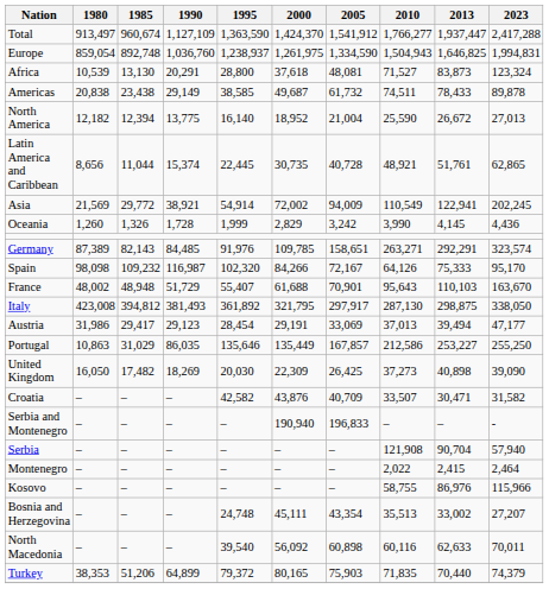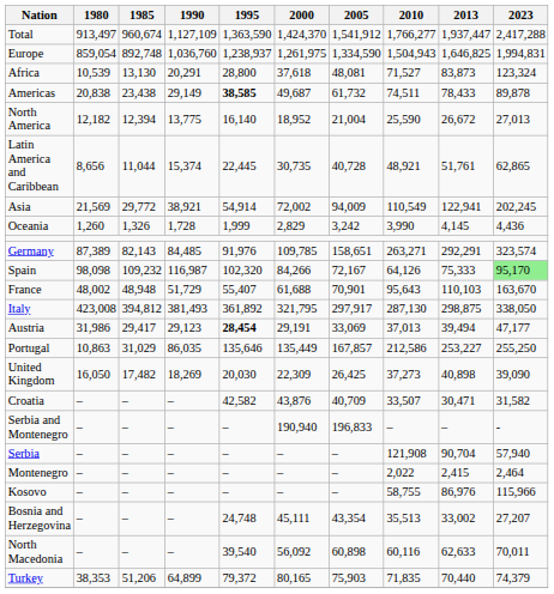 <table class="wikitable sortable">
 <tr>
 <th>Nation</th>
 <th>1980</th>
 <th>1985</th>
 <th>1990</th>
 <th>1995</th>
 <th>2000</th>
 <th>2005</th>
 <th>2010</th>
 <th>2013</th>
 <th>2023</th>
 </tr>
 <tr>
 <td>Total</td>
 <td>913,497</td>
 <td>960,674</td>
 <td>1,127,109</td>
 <td>1,363,590</td>
 <td>1,424,370</td>
 <td>1,541,912</td>
 <td>1,766,277</td>
 <td>1,937,447</td>
 <td>2,417,288</td>
 </tr>
 <tr>
 <td>Europe</td>
 <td>859,054</td>
 <td>892,748</td>
 <td>1,036,760</td>
 <td>1,238,937</td>
 <td>1,261,975</td>
 <td>1,334,590</td>
 <td>1,504,943</td>
 <td>1,646,825</td>
 <td>1,994,831</td>
 </tr>
 <tr>
 <td>Africa</td>
 <td>10,539</td>
 <td>13,130</td>
 <td>20,291</td>
 <td>28,800</td>
 <td>37,618</td>
 <td>48,081</td>
 <td>71,527</td>
 <td>83,873</td>
 <td>123,324</td>
 </tr>
 <tr>
 <td>Americas</td>
 <td>20,838</td>
 <td>23,438</td>
 <td>29,149</td>
-<td>38,585</td>
+<td><strong>38,585</strong></td>
 <td>49,687</td>
 <td>61,732</td>
 <td>74,511</td>
 <td>78,433</td>
 <td>89,878</td>
 </tr>
 <tr>
 <td>North America</td>
 <td>12,182</td>
 <td>12,394</td>
 <td>13,775</td>
 <td>16,140</td>
 <td>18,952</td>
 <td>21,004</td>
 <td>25,590</td>
 <td>26,672</td>
 <td>27,013</td>
 </tr>
 <tr>
 <td>Latin America and Caribbean</td>
 <td>8,656</td>
 <td>11,044</td>
 <td>15,374</td>
 <td>22,445</td>
 <td>30,735</td>
 <td>40,728</td>
 <td>48,921</td>
 <td>51,761</td>
 <td>62,865</td>
 </tr>
 <tr>
 <td>Asia</td>
 <td>21,569</td>
 <td>29,772</td>
 <td>38,921</td>
 <td>54,914</td>
 <td>72,002</td>
 <td>94,009</td>
 <td>110,549</td>
 <td>122,941</td>
 <td>202,245</td>
 </tr>
 <tr>
 <td>Oceania</td>
 <td>1,260</td>
 <td>1,326</td>
 <td>1,728</td>
 <td>1,999</td>
 <td>2,829</td>
 <td>3,242</td>
 <td>3,990</td>
 <td>4,145</td>
 <td>4,436</td>
 </tr>
 <tr>
 <td></td>
 </tr>
 <tr>
 <td><a href='#'>Germany</a></td>
 <td>87,389</td>
 <td>82,143</td>
 <td>84,485</td>
 <td>91,976</td>
 <td>109,785</td>
 <td>158,651</td>
 <td>263,271</td>
 <td>292,291</td>
 <td>323,574</td>
 </tr>
 <tr>
 <td>Spain</td>
 <td>98,098</td>
 <td>109,232</td>
 <td>116,987</td>
 <td>102,320</td>
 <td>84,266</td>
 <td>72,167</td>
 <td>64,126</td>
 <td>75,333</td>
-<td>95,170</td>
+<td style="background: lightgreen;">95,170</td>
 </tr>
 <tr>
 <td>France</td>
 <td>48,002</td>
 <td>48,948</td>
 <td>51,729</td>
 <td>55,407</td>
 <td>61,688</td>
 <td>70,901</td>
 <td>95,643</td>
 <td>110,103</td>
 <td>163,670</td>
 </tr>
 <tr>
 <td><a href='#'>Italy</a></td>
 <td>423,008</td>
 <td>394,812</td>
 <td>381,493</td>
 <td>361,892</td>
 <td>321,795</td>
 <td>297,917</td>
 <td>287,130</td>
 <td>298,875</td>
 <td>338,050</td>
 </tr>
 <tr>
 <td>Austria</td>
 <td>31,986</td>
 <td>29,417</td>
 <td>29,123</td>
-<td>28,454</td>
+<td><strong>28,454</strong></td>
 <td>29,191</td>
 <td>33,069</td>
 <td>37,013</td>
 <td>39,494</td>
 <td>47,177</td>
 </tr>
 <tr>
 <td>Portugal</td>
 <td>10,863</td>
 <td>31,029</td>
 <td>86,035</td>
 <td>135,646</td>
 <td>135,449</td>
 <td>167,857</td>
 <td>212,586</td>
 <td>253,227</td>
 <td>255,250</td>
 </tr>
 <tr>
 <td>United Kingdom</td>
 <td>16,050</td>
 <td>17,482</td>
 <td>18,269</td>
 <td>20,030</td>
 <td>22,309</td>
 <td>26,425</td>
 <td>37,273</td>
 <td>40,898</td>
 <td>39,090</td>
 </tr>
 <tr>
 <td>Croatia</td>
 <td>–</td>
 <td>–</td>
 <td>–</td>
 <td>42,582</td>
 <td>43,876</td>
 <td>40,709</td>
 <td>33,507</td>
 <td>30,471</td>
 <td>31,582</td>
 </tr>
 <tr>
 <td>Serbia and Montenegro</td>
 <td>–</td>
 <td>–</td>
 <td>–</td>
 <td>–</td>
 <td>190,940</td>
 <td>196,833</td>
 <td>–</td>
 <td>–</td>
 <td>-</td>
 </tr>
 <tr>
 <td><a href='#'>Serbia</a></td>
 <td>–</td>
 <td>–</td>
 <td>–</td>
 <td>–</td>
 <td>–</td>
 <td>–</td>
 <td>121,908</td>
 <td>90,704</td>
 <td>57,940</td>
 </tr>
 <tr>
 <td>Montenegro</td>
 <td>–</td>
 <td>–</td>
 <td>–</td>
 <td>–</td>
 <td>–</td>
 <td>–</td>
 <td>2,022</td>
 <td>2,415</td>
 <td>2,464</td>
 </tr>
 <tr>
 <td>Kosovo</td>
 <td>–</td>
 <td>–</td>
 <td>–</td>
 <td>–</td>
 <td>–</td>
 <td>–</td>
 <td>58,755</td>
 <td>86,976</td>
 <td>115,966</td>
 </tr>
 <tr>
 <td>Bosnia and Herzegovina</td>
 <td>–</td>
 <td>–</td>
 <td>–</td>
 <td>24,748</td>
 <td>45,111</td>
 <td>43,354</td>
 <td>35,513</td>
 <td>33,002</td>
 <td>27,207</td>
 </tr>
 <tr>
 <td>North Macedonia</td>
 <td>–</td>
 <td>–</td>
 <td>–</td>
 <td>39,540</td>
 <td>56,092</td>
 <td>60,898</td>
 <td>60,116</td>
 <td>62,633</td>
 <td>70,011</td>
 </tr>
 <tr>
 <td><a href='#'>Turkey</a></td>
 <td>38,353</td>
 <td>51,206</td>
 <td>64,899</td>
 <td>79,372</td>
 <td>80,165</td>
 <td>75,903</td>
 <td>71,835</td>
 <td>70,440</td>
 <td>74,379</td>
 </tr>
 <tr>
 </tr>
 </table>
